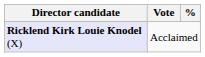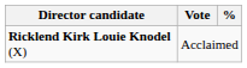 <table class="wikitable">
 <tr>
 <th width="200px">Director candidate</th>
 <th>Vote</th>
 <th>%</th>
 </tr>
 <tr>
-<td style="background: lavender;"><strong>Ricklend Kirk Louie Knodel</strong> (X) </td>
+<td><strong>Ricklend Kirk Louie Knodel</strong> (X) </td>
 <td colspan="2">Acclaimed</td>
 </tr>
 </table>
